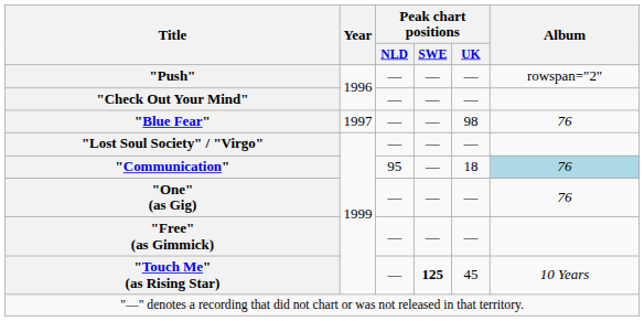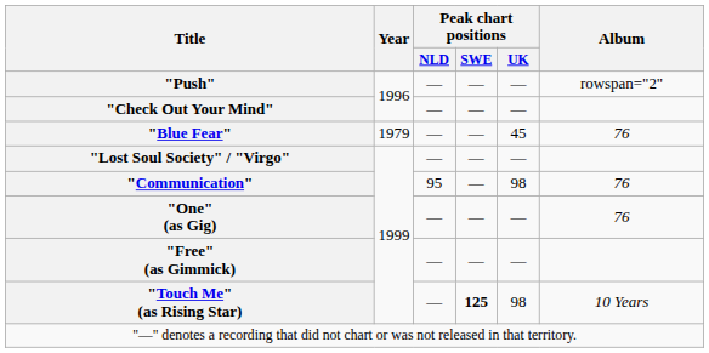 <table class="wikitable plainrowheaders" style="text-align:center;" border="1">
 <tr>
 <th scope="col" rowspan="2" style="width:23em;">Title</th>
 <th scope="col" rowspan="2" style="width:1em;">Year</th>
 <th scope="col" colspan="3">Peak chart positions</th>
 <th scope="col" rowspan="2" style="width:10em;">Album</th>
 </tr>
 <tr>
 <th scope="col" style="width:2.5em;font-size:90%;"><a href='#'>NLD</a><br></th>
 <th scope="col" style="width:2.5em;font-size:90%;"><a href='#'>SWE</a><br></th>
 <th scope="col" style="width:2.5em;font-size:90%;"><a href='#'>UK</a><br></th>
 </tr>
 <tr>
 <th scope="row">"Push"</th>
 <td rowspan="2">1996</td>
 <td>—</td>
 <td>—</td>
 <td>—</td>
 <td>rowspan="2" </td>
 </tr>
 <tr>
 <th scope="row">"Check Out Your Mind"</th>
 <td>—</td>
 <td>—</td>
 <td>—</td>
 </tr>
 <tr>
 <th scope="row">"<a href='#'>Blue Fear</a>"</th>
-<td>1997</td>
+<td>1979</td>
 <td>—</td>
 <td>—</td>
-<td>98</td>
+<td>45</td>
 <td><em>76</em></td>
 </tr>
 <tr>
 <th scope="row">"Lost Soul Society" / "Virgo"</th>
 <td rowspan="5">1999</td>
 <td>—</td>
 <td>—</td>
 <td>—</td>
 <td></td>
 </tr>
 <tr>
 <th scope="row">"<a href='#'>Communication</a>"</th>
 <td>95</td>
 <td>—</td>
-<td>18</td>
-<td style="background: lightblue;"><em>76</em></td>
+<td>98</td>
+<td><em>76</em></td>
 </tr>
 <tr>
 <th scope="row">"One" <br><span>(as Gig)</span></th>
 <td>—</td>
 <td>—</td>
 <td>—</td>
 <td><em>76</em></td>
 </tr>
 <tr>
 <th scope="row">"Free" <br><span>(as Gimmick)</span></th>
 <td>—</td>
 <td>—</td>
 <td>—</td>
 </tr>
 <tr>
 <th scope="row">"<a href='#'>Touch Me</a>"<br><span>(as Rising Star)</span></th>
 <td>—</td>
 <td><strong>125</strong></td>
-<td>45</td>
+<td>98</td>
 <td><em>10 Years</em></td>
 </tr>
 <tr>
 <td colspan="15" style="font-size:90%">"—" denotes a recording that did not chart or was not released in that territory.</td>
 </tr>
 </table>
